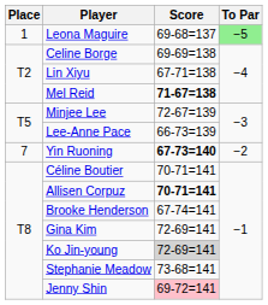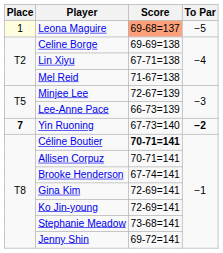 <table class="wikitable">
 <tr>
 <th>Place</th>
 <th>Player</th>
 <th>Score</th>
 <th>To Par</th>
 </tr>
 <tr>
-<td align=center>1</td>
+<td align=center style="background: lightyellow;">1</td>
 <td> <a href='#'>Leona Maguire</a></td>
-<td align=center>69-68=137</td>
-<td align=center style="background: lightgreen;">−5</td>
+<td align=center style="background: lightsalmon;">69-68=137</td>
+<td align=center>−5</td>
 </tr>
 <tr>
 <td align=center rowspan=3>T2</td>
 <td> <a href='#'>Celine Borge</a></td>
 <td align=center>69-69=138</td>
 <td align=center rowspan=3>−4</td>
 </tr>
 <tr>
 <td> <a href='#'>Lin Xiyu</a></td>
 <td align=center>67-71=138</td>
 </tr>
 <tr>
 <td> <a href='#'>Mel Reid</a></td>
-<td align=center><strong>71-67=138</strong></td>
+<td align=center>71-67=138</td>
 </tr>
 <tr>
 <td align=center rowspan=2>T5</td>
 <td> <a href='#'>Minjee Lee</a></td>
 <td align=center>72-67=139</td>
 <td align=center rowspan=2>−3</td>
 </tr>
 <tr>
 <td> <a href='#'>Lee-Anne Pace</a></td>
 <td align=center>66-73=139</td>
 </tr>
 <tr>
-<td align=center>7</td>
+<td align=center><strong>7</strong></td>
 <td> <a href='#'>Yin Ruoning</a></td>
-<td align=center><strong>67-73=140</strong></td>
-<td align=center>−2</td>
+<td align=center>67-73=140</td>
+<td align=center><strong>−2</strong></td>
 </tr>
 <tr>
 <td align=center rowspan=8>T8</td>
 <td> <a href='#'>Céline Boutier</a></td>
-<td align=center>70-71=141</td>
+<td align=center><strong>70-71=141</strong></td>
 <td align=center rowspan=8>−1</td>
 </tr>
 <tr>
 <td> <a href='#'>Allisen Corpuz</a></td>
-<td align=center><strong>70-71=141</strong></td>
+<td align=center>70-71=141</td>
 </tr>
 <tr>
 <td> <a href='#'>Brooke Henderson</a></td>
 <td align=center>67-74=141</td>
 </tr>
 <tr>
 <td> <a href='#'>Gina Kim</a></td>
 <td align=center>72-69=141</td>
 </tr>
 <tr>
 <td> <a href='#'>Ko Jin-young</a></td>
-<td align=center style="background: lightgrey;">72-69=141</td>
+<td align=center>72-69=141</td>
 </tr>
 <tr>
 <td> <a href='#'>Stephanie Meadow</a></td>
 <td align=center>73-68=141</td>
 </tr>
 <tr>
 <td> <a href='#'>Jenny Shin</a></td>
-<td align=center style="background: pink;">69-72=141</td>
+<td align=center>69-72=141</td>
 </tr>
 </table>
